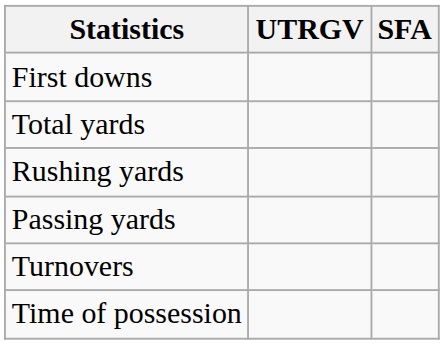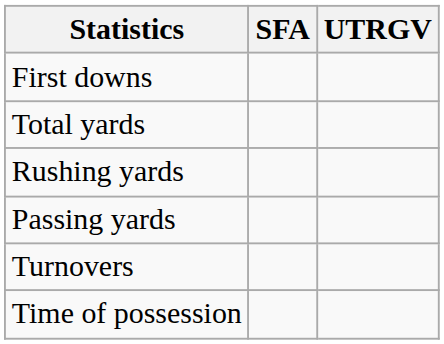 <table class="wikitable" style="float:left">
 <tr>
 <th>Statistics</th>
+<th>SFA</th>
 <th>UTRGV</th>
-<th>SFA</th>
 </tr>
 <tr>
 <td>First downs</td>
 <td></td>
 <td></td>
 </tr>
 <tr>
 <td>Total yards</td>
 <td></td>
 <td></td>
 </tr>
 <tr>
 <td>Rushing yards</td>
 <td></td>
 <td></td>
 </tr>
 <tr>
 <td>Passing yards</td>
 <td></td>
 <td></td>
 </tr>
 <tr>
 <td>Turnovers</td>
 <td></td>
 <td></td>
 </tr>
 <tr>
 <td>Time of possession</td>
 <td></td>
 <td></td>
 </tr>
 </table>
